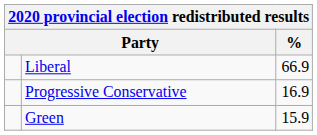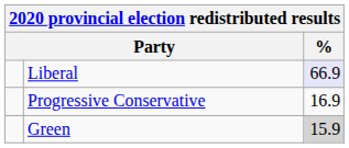 <table class="wikitable">
 <tr>
 <th colspan="4"><a href='#'>2020 provincial election</a> redistributed results</th>
 </tr>
 <tr>
 <th bgcolor="#DDDDFF" width="130px" colspan="2">Party</th>
 <th bgcolor="#DDDDFF" width="30px">%</th>
 </tr>
 <tr>
 <td> </td>
 <td><a href='#'>Liberal</a></td>
-<td align=right>66.9</td>
+<td align=right style="background: lavender;">66.9</td>
 </tr>
 <tr>
 <td> </td>
 <td><a href='#'>Progressive Conservative</a></td>
 <td align=right>16.9</td>
 </tr>
 <tr>
 <td> </td>
 <td><a href='#'>Green</a></td>
-<td align=right>15.9</td>
+<td align=right style="background: lightgrey;">15.9</td>
 </tr>
 </table>
